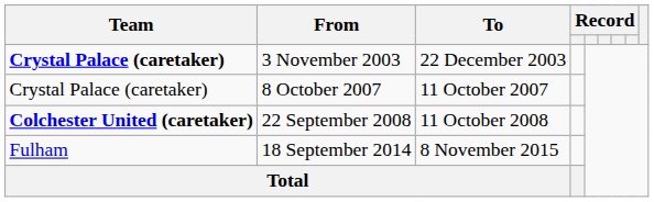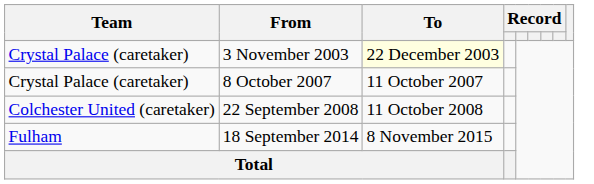 <table class="wikitable" style="text-align:center">
 <tr>
 <th rowspan=2>Team</th>
 <th rowspan=2>From</th>
 <th rowspan=2>To</th>
 <th colspan=5>Record</th>
 <th rowspan=2></th>
 </tr>
 <tr>
 <th></th>
 <th></th>
 <th></th>
 <th></th>
 <th></th>
 </tr>
 <tr>
-<td align=left><strong><a href='#'>Crystal Palace</a> (caretaker)</strong></td>
+<td align=left><a href='#'>Crystal Palace</a> (caretaker)</td>
 <td align=left>3 November 2003</td>
-<td align=left>22 December 2003<br></td>
+<td align=left style="background: lightyellow;">22 December 2003<br></td>
 <td></td>
 </tr>
 <tr>
 <td align=left>Crystal Palace (caretaker)</td>
 <td align=left>8 October 2007</td>
 <td align=left>11 October 2007<br></td>
 <td></td>
 </tr>
 <tr>
-<td align=left><strong><a href='#'>Colchester United</a> (caretaker)</strong></td>
+<td align=left><a href='#'>Colchester United</a> (caretaker)</td>
 <td align=left>22 September 2008</td>
 <td align=left>11 October 2008<br></td>
 <td></td>
 </tr>
 <tr>
 <td align=left><a href='#'>Fulham</a></td>
 <td align=left>18 September 2014</td>
 <td align=left>8 November 2015<br></td>
 <td></td>
 </tr>
 <tr>
 <th colspan="3">Total<br></th>
 <th></th>
 </tr>
 </table>
